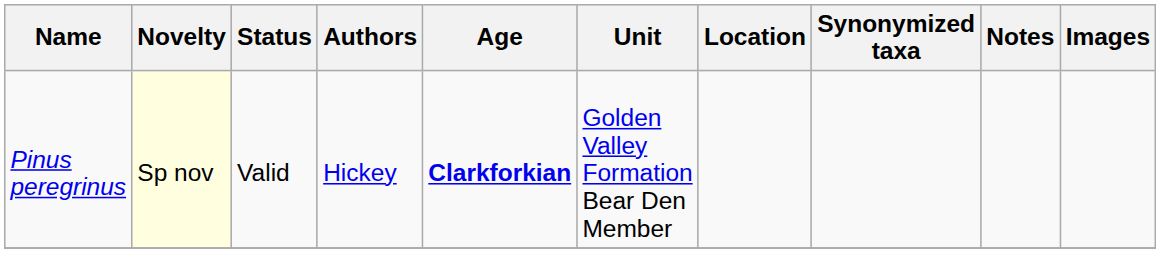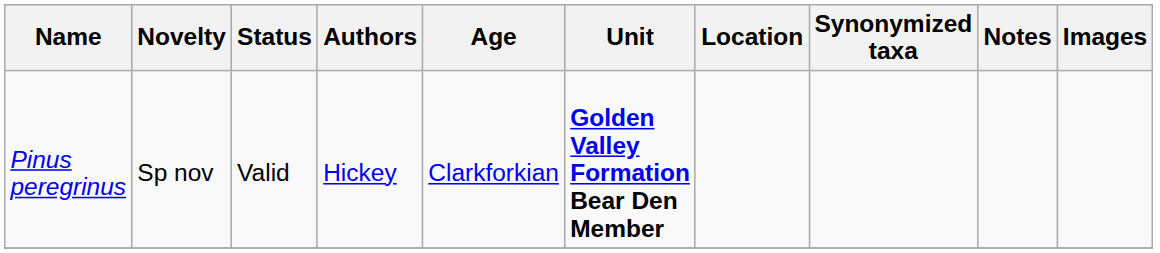 <table class="wikitable sortable" align="center" width="100%">
 <tr>
 <th>Name</th>
 <th>Novelty</th>
 <th>Status</th>
 <th>Authors</th>
 <th>Age</th>
 <th>Unit</th>
 <th>Location</th>
 <th>Synonymized taxa</th>
 <th>Notes</th>
 <th>Images</th>
 </tr>
 <tr>
 <td><br><em><a href='#'>Pinus peregrinus</a></em></td>
-<td style="background: lightyellow;"><br>Sp nov</td>
+<td><br>Sp nov</td>
 <td><br>Valid</td>
 <td><br><a href='#'>Hickey</a></td>
-<td><strong><br><a href='#'>Clarkforkian</a></strong></td>
-<td><br><a href='#'>Golden Valley Formation</a><br>Bear Den Member</td>
+<td><br><a href='#'>Clarkforkian</a></td>
+<td><strong><br><a href='#'>Golden Valley Formation</a><br>Bear Den Member</strong></td>
 <td><br><br></td>
 <td></td>
 <td></td>
 <td><br></td>
 </tr>
 <tr>
 </tr>
 </table>
